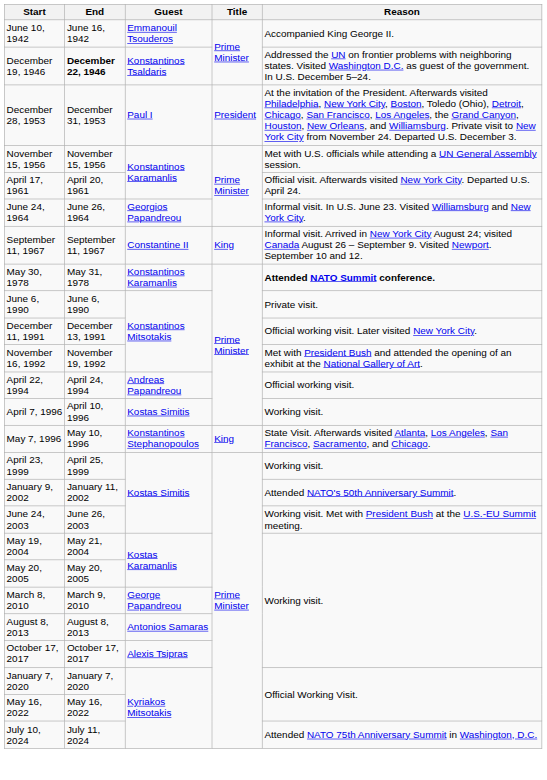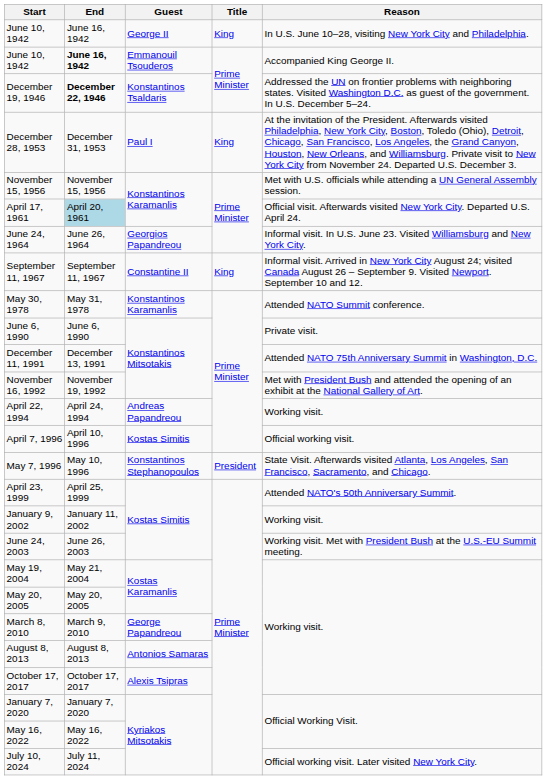 <table class="wikitable sortable">
 <tr>
 <th>Start</th>
 <th>End</th>
 <th>Guest</th>
 <th>Title</th>
 <th>Reason</th>
 </tr>
 <tr>
 <td>June 10, 1942</td>
 <td>June 16, 1942</td>
+<td><a href='#'>George II</a></td>
+<td><a href='#'>King</a></td>
+<td>In U.S. June 10–28, visiting <a href='#'>New York City</a> and <a href='#'>Philadelphia</a>.</td>
+</tr>
+<tr>
+<td>June 10, 1942</td>
+<td><strong>June 16, 1942</strong></td>
 <td><a href='#'>Emmanouil Tsouderos</a></td>
 <td rowspan=2><a href='#'>Prime Minister</a></td>
 <td>Accompanied King George II.</td>
 </tr>
 <tr>
 <td>December 19, 1946</td>
 <td><strong>December 22, 1946</strong></td>
 <td><a href='#'>Konstantinos Tsaldaris</a></td>
 <td>Addressed the <a href='#'>UN</a> on frontier problems with neighboring states. Visited <a href='#'>Washington D.C.</a> as guest of the government. In U.S. December 5–24.</td>
 </tr>
 <tr>
 <td>December 28, 1953</td>
 <td>December 31, 1953</td>
 <td><a href='#'>Paul I</a></td>
-<td><a href='#'>President</a></td>
+<td><a href='#'>King</a></td>
 <td>At the invitation of the President. Afterwards visited <a href='#'>Philadelphia</a>, <a href='#'>New York City</a>, <a href='#'>Boston</a>, Toledo (Ohio), <a href='#'>Detroit</a>, <a href='#'>Chicago</a>, <a href='#'>San Francisco</a>, <a href='#'>Los Angeles</a>, the <a href='#'>Grand Canyon</a>, <a href='#'>Houston</a>, <a href='#'>New Orleans</a>, and <a href='#'>Williamsburg</a>. Private visit to <a href='#'>New York City</a> from November 24. Departed U.S. December 3.</td>
 </tr>
 <tr>
 <td>November 15, 1956</td>
 <td>November 15, 1956</td>
 <td rowspan=2><a href='#'>Konstantinos Karamanlis</a></td>
 <td rowspan=3><a href='#'>Prime Minister</a></td>
 <td>Met with U.S. officials while attending a <a href='#'>UN General Assembly</a> session.</td>
 </tr>
 <tr>
 <td>April 17, 1961</td>
-<td>April 20, 1961</td>
+<td style="background: lightblue;">April 20, 1961</td>
 <td>Official visit. Afterwards visited <a href='#'>New York City</a>. Departed U.S. April 24.</td>
 </tr>
 <tr>
 <td>June 24, 1964</td>
 <td>June 26, 1964</td>
 <td><a href='#'>Georgios Papandreou</a></td>
 <td>Informal visit. In U.S. June 23. Visited <a href='#'>Williamsburg</a> and <a href='#'>New York City</a>.</td>
 </tr>
 <tr>
 <td>September 11, 1967</td>
 <td>September 11, 1967</td>
 <td><a href='#'>Constantine II</a></td>
 <td><a href='#'>King</a></td>
 <td>Informal visit. Arrived in <a href='#'>New York City</a> August 24; visited <a href='#'>Canada</a> August 26 – September 9. Visited <a href='#'>Newport</a>. September 10 and 12.</td>
 </tr>
 <tr>
 <td>May 30, 1978</td>
 <td>May 31, 1978</td>
 <td><a href='#'>Konstantinos Karamanlis</a></td>
 <td rowspan=6><a href='#'>Prime Minister</a></td>
-<td><strong>Attended <a href='#'>NATO Summit</a> conference.</strong></td>
+<td>Attended <a href='#'>NATO Summit</a> conference.</td>
 </tr>
 <tr>
 <td>June 6, 1990</td>
 <td>June 6, 1990</td>
 <td rowspan=3><a href='#'>Konstantinos Mitsotakis</a></td>
 <td>Private visit.</td>
 </tr>
 <tr>
 <td>December 11, 1991</td>
 <td>December 13, 1991</td>
-<td>Official working visit. Later visited <a href='#'>New York City</a>.</td>
+<td>Attended <a href='#'>NATO 75th Anniversary Summit</a> in <a href='#'>Washington, D.C.</a></td>
 </tr>
 <tr>
 <td>November 16, 1992</td>
 <td>November 19, 1992</td>
 <td>Met with <a href='#'>President Bush</a> and attended the opening of an exhibit at the <a href='#'>National Gallery of Art</a>.</td>
 </tr>
 <tr>
 <td>April 22, 1994</td>
 <td>April 24, 1994</td>
 <td><a href='#'>Andreas Papandreou</a></td>
-<td>Official working visit.</td>
+<td>Working visit.</td>
 </tr>
 <tr>
 <td>April 7, 1996</td>
 <td>April 10, 1996</td>
 <td><a href='#'>Kostas Simitis</a></td>
-<td>Working visit.</td>
+<td>Official working visit.</td>
 </tr>
 <tr>
 <td>May 7, 1996</td>
 <td>May 10, 1996</td>
 <td><a href='#'>Konstantinos Stephanopoulos</a></td>
-<td><a href='#'>King</a></td>
+<td><a href='#'>President</a></td>
 <td>State Visit. Afterwards visited <a href='#'>Atlanta</a>, <a href='#'>Los Angeles</a>, <a href='#'>San Francisco</a>, <a href='#'>Sacramento</a>, and <a href='#'>Chicago</a>.</td>
 </tr>
 <tr>
 <td>April 23, 1999</td>
 <td>April 25, 1999</td>
 <td rowspan=3><a href='#'>Kostas Simitis</a></td>
 <td rowspan=11><a href='#'>Prime Minister</a></td>
-<td>Working visit.</td>
+<td>Attended <a href='#'>NATO's 50th Anniversary Summit</a>.</td>
 </tr>
 <tr>
 <td>January 9, 2002</td>
 <td>January 11, 2002</td>
-<td>Attended <a href='#'>NATO's 50th Anniversary Summit</a>.</td>
+<td>Working visit.</td>
 </tr>
 <tr>
 <td>June 24, 2003</td>
 <td>June 26, 2003</td>
 <td>Working visit. Met with <a href='#'>President Bush</a> at the <a href='#'>U.S.-EU Summit</a> meeting.</td>
 </tr>
 <tr>
 <td>May 19, 2004</td>
 <td>May 21, 2004</td>
 <td rowspan=2><a href='#'>Kostas Karamanlis</a></td>
 <td rowspan=5>Working visit.</td>
 </tr>
 <tr>
 <td>May 20, 2005</td>
 <td>May 20, 2005</td>
 </tr>
 <tr>
 <td>March 8, 2010</td>
 <td>March 9, 2010</td>
 <td><a href='#'>George Papandreou</a></td>
 </tr>
 <tr>
 <td>August 8, 2013</td>
 <td>August 8, 2013</td>
 <td><a href='#'>Antonios Samaras</a></td>
 </tr>
 <tr>
 <td>October 17, 2017</td>
 <td>October 17, 2017</td>
 <td><a href='#'>Alexis Tsipras</a></td>
 </tr>
 <tr>
 <td>January 7, 2020</td>
 <td>January 7, 2020</td>
 <td rowspan=3><a href='#'>Kyriakos Mitsotakis</a></td>
 <td rowspan=2>Official Working Visit.</td>
 </tr>
 <tr>
 <td>May 16, 2022</td>
 <td>May 16, 2022</td>
 </tr>
 <tr>
 <td>July 10, 2024</td>
 <td>July 11, 2024</td>
-<td>Attended <a href='#'>NATO 75th Anniversary Summit</a> in <a href='#'>Washington, D.C.</a></td>
+<td>Official working visit. Later visited <a href='#'>New York City</a>.</td>
 </tr>
 </table>
